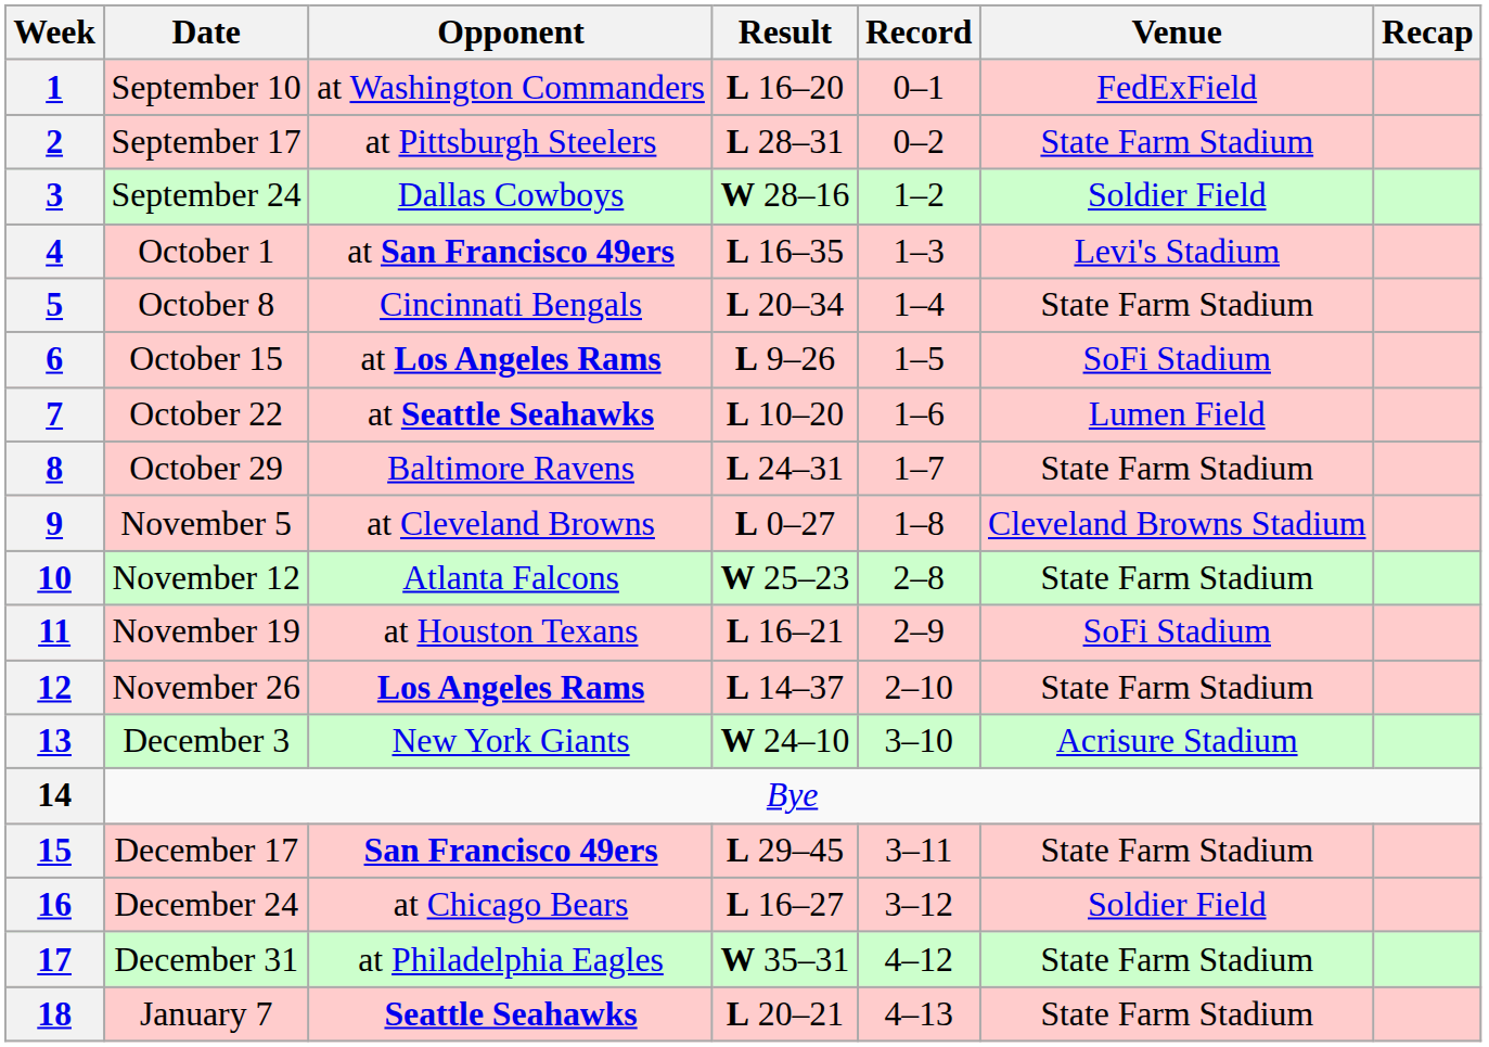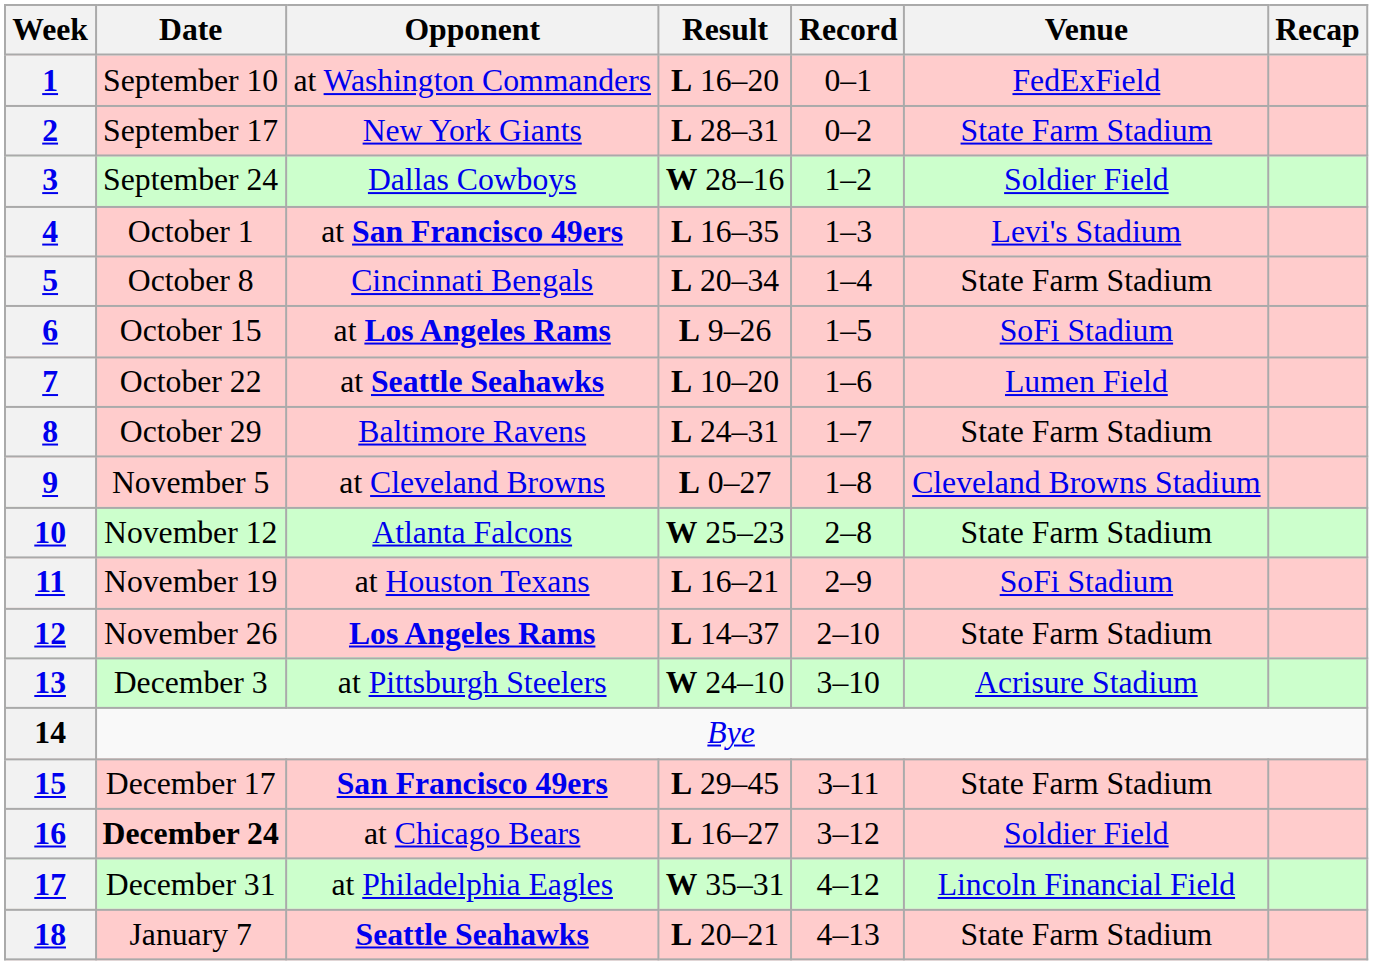 <table class="wikitable" style="text-align:center">
 <tr>
 <th>Week</th>
 <th>Date</th>
 <th>Opponent</th>
 <th>Result</th>
 <th>Record</th>
 <th>Venue</th>
 <th>Recap</th>
 </tr>
 <tr style="background:#fcc">
 <th><a href='#'>1</a></th>
 <td>September 10</td>
 <td>at <a href='#'>Washington Commanders</a></td>
 <td><strong>L</strong> 16–20</td>
 <td>0–1</td>
 <td><a href='#'>FedExField</a></td>
 <td></td>
 </tr>
 <tr style="background:#fcc">
 <th><a href='#'>2</a></th>
 <td>September 17</td>
-<td>at <a href='#'>Pittsburgh Steelers</a></td>
+<td><a href='#'>New York Giants</a></td>
 <td><strong>L</strong> 28–31</td>
 <td>0–2</td>
 <td><a href='#'>State Farm Stadium</a></td>
 <td></td>
 </tr>
 <tr style="background:#cfc;">
 <th><a href='#'>3</a></th>
 <td>September 24</td>
 <td><a href='#'>Dallas Cowboys</a></td>
 <td><strong>W</strong> 28–16</td>
 <td>1–2</td>
 <td><a href='#'>Soldier Field</a></td>
 <td></td>
 </tr>
 <tr style="background:#fcc">
 <th><a href='#'>4</a></th>
 <td>October 1</td>
 <td>at <strong><a href='#'>San Francisco 49ers</a></strong></td>
 <td><strong>L</strong> 16–35</td>
 <td>1–3</td>
 <td><a href='#'>Levi's Stadium</a></td>
 <td></td>
 </tr>
 <tr style="background:#fcc;">
 <th><a href='#'>5</a></th>
 <td>October 8</td>
 <td><a href='#'>Cincinnati Bengals</a></td>
 <td><strong>L</strong> 20–34</td>
 <td>1–4</td>
 <td>State Farm Stadium</td>
 <td></td>
 </tr>
 <tr style="background:#fcc">
 <th><a href='#'>6</a></th>
 <td>October 15</td>
 <td>at <strong><a href='#'>Los Angeles Rams</a></strong></td>
 <td><strong>L</strong> 9–26</td>
 <td>1–5</td>
 <td><a href='#'>SoFi Stadium</a></td>
 <td></td>
 </tr>
 <tr style="background:#fcc">
 <th><a href='#'>7</a></th>
 <td>October 22</td>
 <td>at <strong><a href='#'>Seattle Seahawks</a></strong></td>
 <td><strong>L</strong> 10–20</td>
 <td>1–6</td>
 <td><a href='#'>Lumen Field</a></td>
 <td></td>
 </tr>
 <tr style="background:#fcc">
 <th><a href='#'>8</a></th>
 <td>October 29</td>
 <td><a href='#'>Baltimore Ravens</a></td>
 <td><strong>L</strong> 24–31</td>
 <td>1–7</td>
 <td>State Farm Stadium</td>
 <td></td>
 </tr>
 <tr style="background:#fcc">
 <th><a href='#'>9</a></th>
 <td>November 5</td>
 <td>at <a href='#'>Cleveland Browns</a></td>
 <td><strong>L</strong> 0–27</td>
 <td>1–8</td>
 <td><a href='#'>Cleveland Browns Stadium</a></td>
 <td></td>
 </tr>
 <tr style="background:#cfc">
 <th><a href='#'>10</a></th>
 <td>November 12</td>
 <td><a href='#'>Atlanta Falcons</a></td>
 <td><strong>W</strong> 25–23</td>
 <td>2–8</td>
 <td>State Farm Stadium</td>
 <td></td>
 </tr>
 <tr style="background:#fcc">
 <th><a href='#'>11</a></th>
 <td>November 19</td>
 <td>at <a href='#'>Houston Texans</a></td>
 <td><strong>L</strong> 16–21</td>
 <td>2–9</td>
 <td><a href='#'>SoFi Stadium</a></td>
 <td></td>
 </tr>
 <tr style="background:#fcc">
 <th><a href='#'>12</a></th>
 <td>November 26</td>
 <td><strong><a href='#'>Los Angeles Rams</a></strong></td>
 <td><strong>L</strong> 14–37</td>
 <td>2–10</td>
 <td>State Farm Stadium</td>
 <td></td>
 </tr>
 <tr style="background:#cfc">
 <th><a href='#'>13</a></th>
 <td>December 3</td>
-<td><a href='#'>New York Giants</a></td>
+<td>at <a href='#'>Pittsburgh Steelers</a></td>
 <td><strong>W</strong> 24–10</td>
 <td>3–10</td>
 <td><a href='#'>Acrisure Stadium</a></td>
 <td></td>
 </tr>
 <tr>
 <th>14</th>
 <td colspan="6"><em><a href='#'>Bye</a></em></td>
 </tr>
 <tr style="background:#fcc">
 <th><a href='#'>15</a></th>
 <td>December 17</td>
 <td><strong><a href='#'>San Francisco 49ers</a></strong></td>
 <td><strong>L</strong> 29–45</td>
 <td>3–11</td>
 <td>State Farm Stadium</td>
 <td></td>
 </tr>
 <tr style="background:#fcc">
 <th><a href='#'>16</a></th>
-<td>December 24</td>
+<td><strong>December 24</strong></td>
 <td>at <a href='#'>Chicago Bears</a></td>
 <td><strong>L</strong> 16–27</td>
 <td>3–12</td>
 <td><a href='#'>Soldier Field</a></td>
 <td></td>
 </tr>
 <tr style="background:#cfc">
 <th><a href='#'>17</a></th>
 <td>December 31</td>
 <td>at <a href='#'>Philadelphia Eagles</a></td>
 <td><strong>W</strong> 35–31</td>
 <td>4–12</td>
-<td>State Farm Stadium</td>
+<td><a href='#'>Lincoln Financial Field</a></td>
 <td></td>
 </tr>
 <tr style="background:#fcc">
 <th><a href='#'>18</a></th>
 <td>January 7</td>
 <td><strong><a href='#'>Seattle Seahawks</a></strong></td>
 <td><strong>L</strong> 20–21</td>
 <td>4–13</td>
 <td>State Farm Stadium</td>
 <td></td>
 </tr>
 </table>
